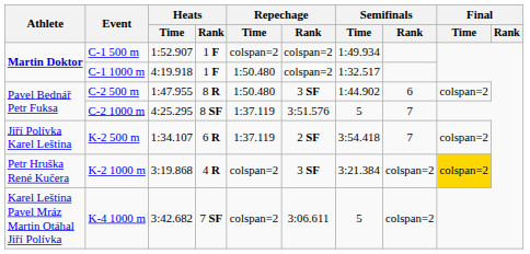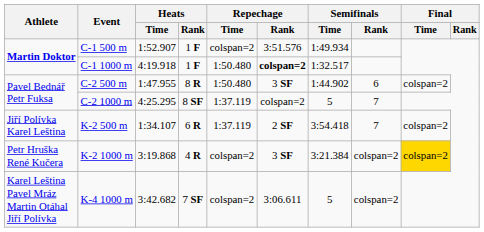 <table class=wikitable style="font-size:90%">
 <tr>
 <th rowspan="2">Athlete</th>
 <th rowspan="2">Event</th>
 <th colspan=2>Heats</th>
 <th colspan=2>Repechage</th>
 <th colspan=2>Semifinals</th>
 <th colspan=2>Final</th>
 </tr>
 <tr style="font-size:95%">
 <th>Time</th>
 <th>Rank</th>
 <th>Time</th>
 <th>Rank</th>
 <th>Time</th>
 <th>Rank</th>
 <th>Time</th>
 <th>Rank</th>
 </tr>
 <tr align=center>
 <td align=left rowspan=2><strong><a href='#'>Martin Doktor</a></strong></td>
 <td align=left><a href='#'>C-1 500 m</a></td>
 <td>1:52.907</td>
 <td>1 <strong>F</strong></td>
 <td>colspan=2 </td>
-<td>colspan=2 </td>
+<td>3:51.576</td>
 <td>1:49.934</td>
 <td></td>
 </tr>
 <tr align=center>
 <td align=left><a href='#'>C-1 1000 m</a></td>
 <td>4:19.918</td>
 <td>1 <strong>F</strong></td>
 <td>1:50.480</td>
-<td>colspan=2 </td>
+<td><strong>colspan=2 </strong></td>
 <td>1:32.517</td>
 <td></td>
 </tr>
 <tr align=center>
 <td align=left rowspan=2><a href='#'>Pavel Bednář</a><br><a href='#'>Petr Fuksa</a></td>
 <td align=left><a href='#'>C-2 500 m</a></td>
 <td>1:47.955</td>
 <td>8 <strong>R</strong></td>
 <td>1:50.480</td>
 <td>3 <strong>SF</strong></td>
 <td>1:44.902</td>
 <td>6</td>
 <td>colspan=2 </td>
 </tr>
 <tr align=center>
 <td align=left><a href='#'>C-2 1000 m</a></td>
 <td>4:25.295</td>
 <td>8 <strong>SF</strong></td>
 <td>1:37.119</td>
-<td>3:51.576</td>
+<td>colspan=2 </td>
 <td>5</td>
 <td>7</td>
 </tr>
 <tr align=center>
 <td align=left><a href='#'>Jiří Polívka</a><br><a href='#'>Karel Leština</a></td>
 <td align=left><a href='#'>K-2 500 m</a></td>
 <td>1:34.107</td>
 <td>6 <strong>R</strong></td>
 <td>1:37.119</td>
 <td>2 <strong>SF</strong></td>
 <td>3:54.418</td>
 <td>7</td>
 <td>colspan=2 </td>
 </tr>
 <tr align=center>
 <td align=left><a href='#'>Petr Hruška</a><br><a href='#'>René Kučera</a></td>
 <td align=left><a href='#'>K-2 1000 m</a></td>
 <td>3:19.868</td>
 <td>4 <strong>R</strong></td>
 <td>colspan=2 </td>
 <td>3 <strong>SF</strong></td>
 <td>3:21.384</td>
 <td>colspan=2 </td>
 <td style="background: gold;">colspan=2 </td>
 </tr>
 <tr align=center>
 <td align=left><a href='#'>Karel Leština</a><br><a href='#'>Pavel Mráz</a><br><a href='#'>Martin Otáhal</a><br><a href='#'>Jiří Polívka</a></td>
 <td align=left><a href='#'>K-4 1000 m</a></td>
 <td>3:42.682</td>
 <td>7 <strong>SF</strong></td>
 <td>colspan=2 </td>
 <td>3:06.611</td>
 <td>5</td>
 <td>colspan=2 </td>
 </tr>
 </table>
